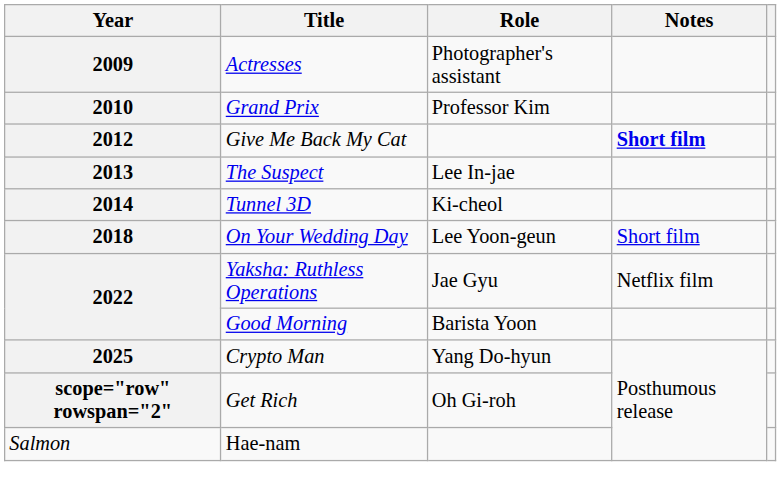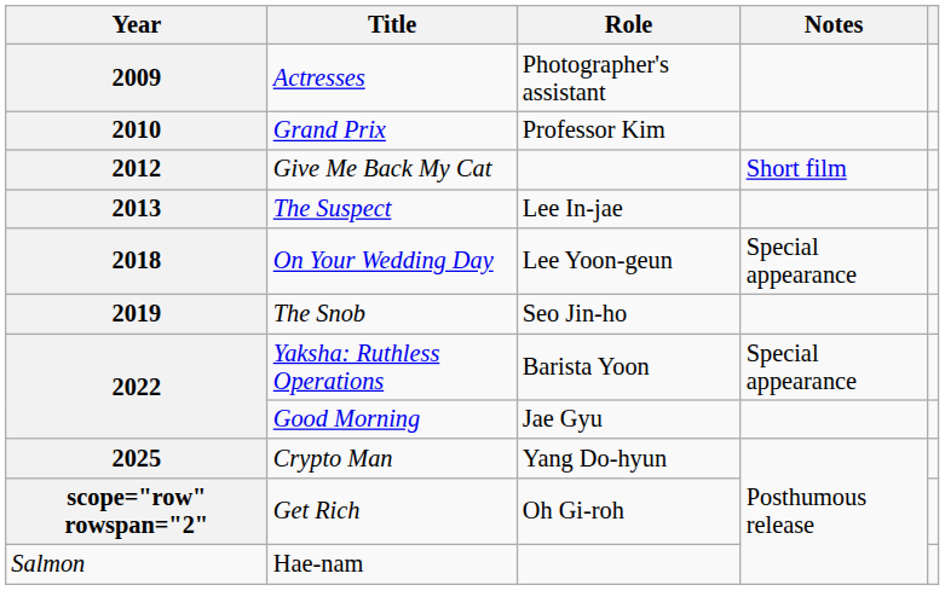 <table class="wikitable plainrowheaders sortable">
 <tr>
 <th scope="col">Year</th>
 <th scope="col">Title</th>
 <th scope="col">Role</th>
 <th scope="col">Notes</th>
 <th scope="col" class="unsortable"></th>
 </tr>
 <tr>
 <th scope="row">2009</th>
 <td><em><a href='#'>Actresses</a></em></td>
 <td>Photographer's assistant</td>
 <td></td>
 <td style="text-align:center"></td>
 </tr>
 <tr>
 <th scope="row">2010</th>
 <td><em><a href='#'>Grand Prix</a></em></td>
 <td>Professor Kim</td>
 <td></td>
 <td style="text-align:center"></td>
 </tr>
 <tr>
 <th scope="row">2012</th>
 <td><em>Give Me Back My Cat</em></td>
 <td></td>
-<td><strong><a href='#'>Short film</a></strong></td>
+<td><a href='#'>Short film</a></td>
 <td style="text-align:center"></td>
 </tr>
 <tr>
 <th scope="row">2013</th>
 <td><em><a href='#'>The Suspect</a></em></td>
 <td>Lee In-jae</td>
 <td></td>
 <td style="text-align:center"></td>
 </tr>
 <tr>
-<th scope="row">2014</th>
-<td><em><a href='#'>Tunnel 3D</a></em></td>
-<td>Ki-cheol</td>
-<td></td>
+<th scope="row">2018</th>
+<td><em><a href='#'>On Your Wedding Day</a></em></td>
+<td>Lee Yoon-geun</td>
+<td>Special appearance</td>
 <td style="text-align:center"></td>
 </tr>
 <tr>
-<th scope="row">2018</th>
-<td><em><a href='#'>On Your Wedding Day</a></em></td>
-<td>Lee Yoon-geun</td>
-<td><a href='#'>Short film</a></td>
+<th scope="row">2019</th>
+<td><em>The Snob</em></td>
+<td>Seo Jin-ho</td>
+<td></td>
 <td style="text-align:center"></td>
 </tr>
 <tr>
 <th scope="row" rowspan="2">2022</th>
 <td><em><a href='#'>Yaksha: Ruthless Operations</a></em></td>
-<td>Jae Gyu</td>
-<td>Netflix film</td>
+<td>Barista Yoon</td>
+<td>Special appearance</td>
 <td style="text-align:center"></td>
 </tr>
 <tr>
 <td><em><a href='#'>Good Morning</a></em></td>
-<td>Barista Yoon</td>
+<td>Jae Gyu</td>
 <td></td>
 <td style="text-align:center"></td>
 </tr>
 <tr>
 <th scope="row">2025</th>
 <td><em>Crypto Man</em></td>
 <td>Yang Do-hyun</td>
 <td rowspan="3">Posthumous release</td>
 <td style="text-align:center"></td>
 </tr>
 <tr>
 <th>scope="row" rowspan="2" </th>
 <td><em>Get Rich</em></td>
 <td>Oh Gi-roh</td>
 <td style="text-align:center"></td>
 </tr>
 <tr>
 <td><em>Salmon</em></td>
 <td>Hae-nam</td>
 <td style="text-align:center"></td>
 </tr>
 </table>
